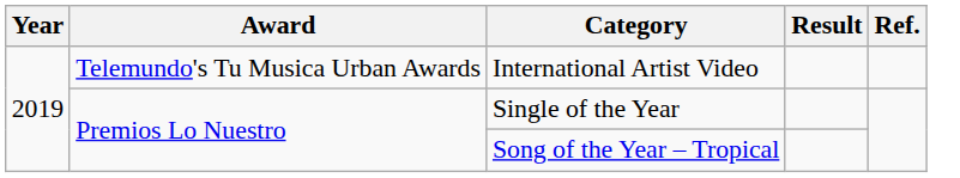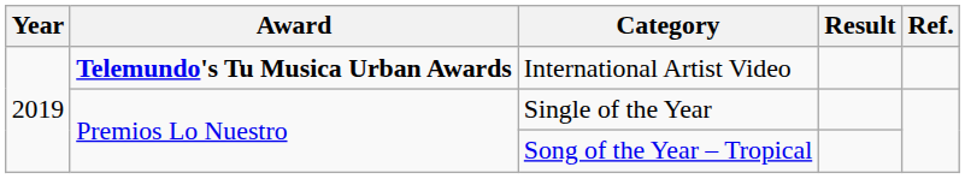 <table class="wikitable">
 <tr>
 <th scope="col">Year</th>
 <th scope="col">Award</th>
 <th>Category</th>
 <th scope="col">Result</th>
 <th scope="col">Ref.</th>
 </tr>
 <tr>
 <td rowspan="3">2019</td>
-<td><a href='#'>Telemundo</a>'s Tu Musica Urban Awards</td>
+<td><strong><a href='#'>Telemundo</a>'s Tu Musica Urban Awards</strong></td>
 <td>International Artist Video</td>
 <td></td>
 <td></td>
 </tr>
 <tr>
 <td rowspan="2"><a href='#'>Premios Lo Nuestro</a></td>
 <td>Single of the Year</td>
 <td></td>
 <td rowspan="2"></td>
 </tr>
 <tr>
 <td><a href='#'>Song of the Year – Tropical</a></td>
 <td></td>
 </tr>
 </table>
